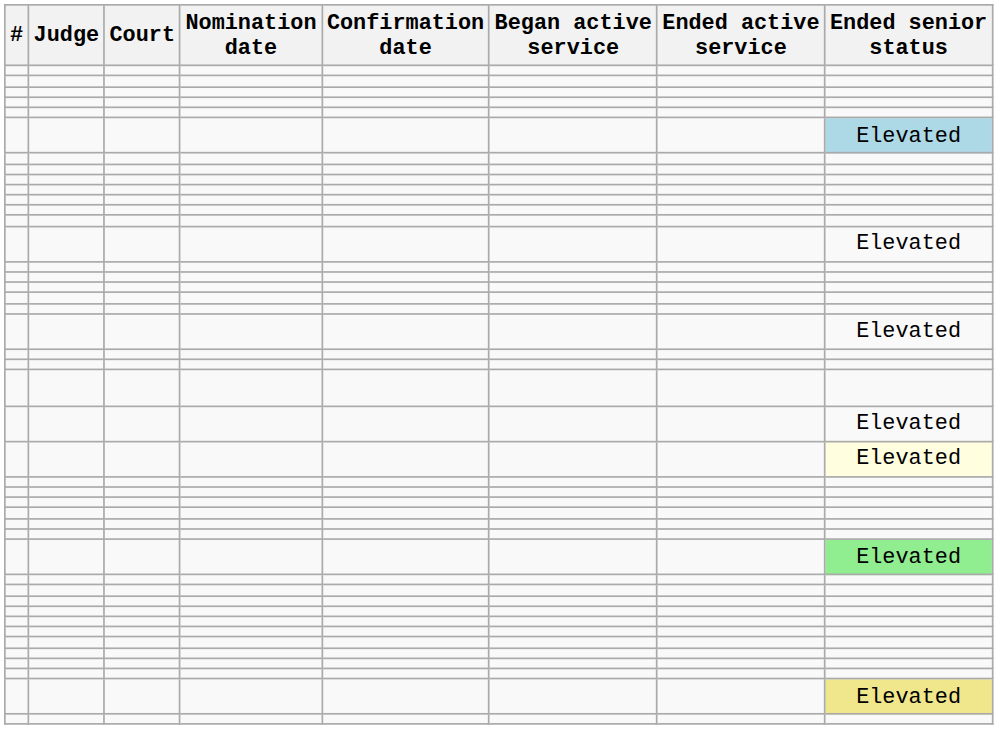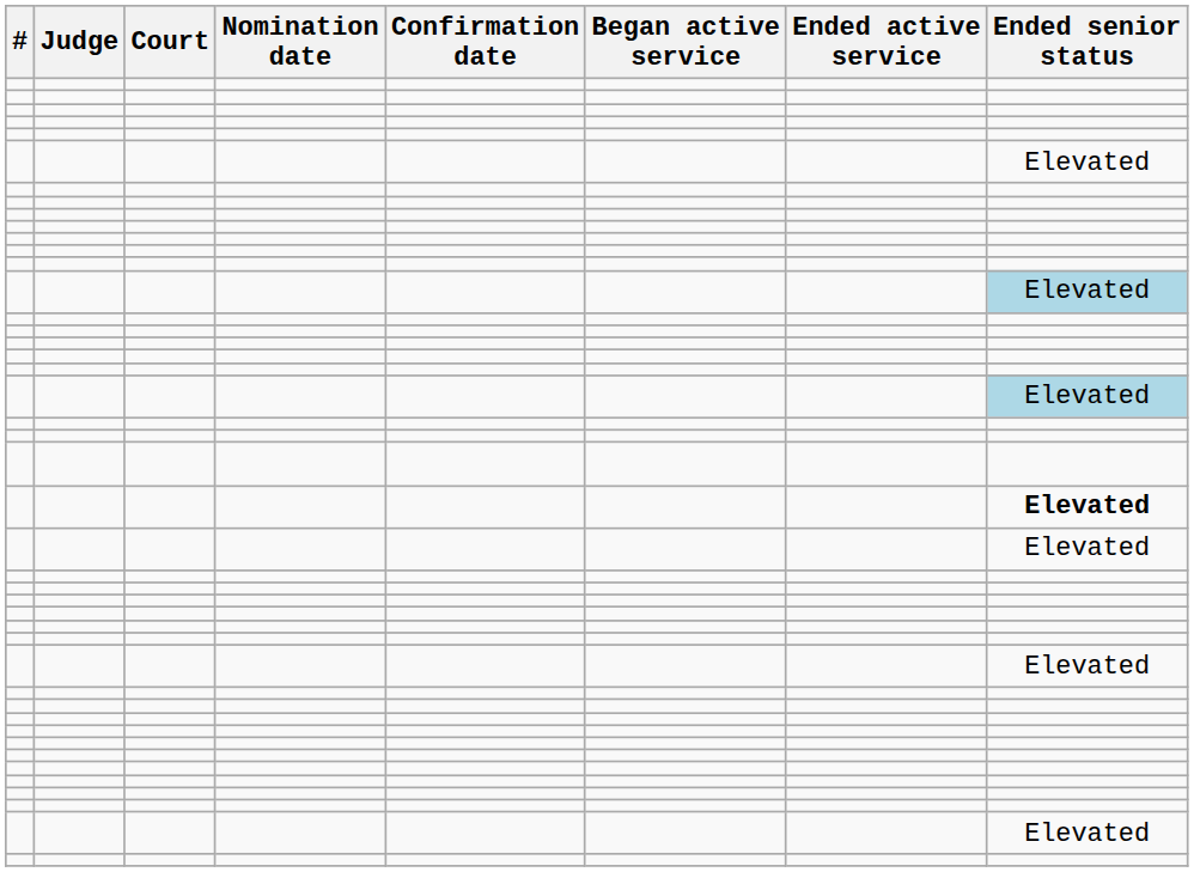 <table class="sortable wikitable">
 <tr bgcolor="#ececec">
 <th>#</th>
 <th>Judge</th>
 <th>Court<br></th>
 <th>Nomination<br>date</th>
 <th>Confirmation<br>date</th>
 <th>Began active<br>service</th>
 <th>Ended active<br>service</th>
 <th>Ended senior<br>status</th>
 </tr>
 <tr>
 <td></td>
 <td></td>
 <td></td>
 <td></td>
 <td></td>
 <td></td>
 <td></td>
 <td></td>
 </tr>
 <tr>
 <td></td>
 <td></td>
 <td></td>
 <td></td>
 <td></td>
 <td></td>
 <td></td>
 <td></td>
 </tr>
 <tr>
 <td></td>
 <td></td>
 <td></td>
 <td></td>
 <td></td>
 <td></td>
 <td></td>
 <td align="center"></td>
 </tr>
 <tr>
 <td></td>
 <td></td>
 <td></td>
 <td></td>
 <td></td>
 <td></td>
 <td></td>
 <td></td>
 </tr>
 <tr>
 <td></td>
 <td></td>
 <td></td>
 <td></td>
 <td></td>
 <td></td>
 <td></td>
 <td></td>
 </tr>
 <tr>
 <td></td>
 <td></td>
 <td></td>
 <td></td>
 <td></td>
 <td></td>
 <td></td>
-<td align="center" style="background: lightblue;">Elevated</td>
+<td align="center">Elevated</td>
 </tr>
 <tr>
 <td></td>
 <td></td>
 <td></td>
 <td></td>
 <td></td>
 <td></td>
 <td></td>
 <td></td>
 </tr>
 <tr>
 <td></td>
 <td></td>
 <td></td>
 <td></td>
 <td></td>
 <td></td>
 <td></td>
 <td align="center"></td>
 </tr>
 <tr>
 <td></td>
 <td></td>
 <td></td>
 <td></td>
 <td></td>
 <td></td>
 <td></td>
 <td align="center"></td>
 </tr>
 <tr>
 <td></td>
 <td></td>
 <td></td>
 <td></td>
 <td></td>
 <td></td>
 <td></td>
 <td></td>
 </tr>
 <tr>
 <td></td>
 <td></td>
 <td></td>
 <td></td>
 <td></td>
 <td></td>
 <td></td>
 <td></td>
 </tr>
 <tr>
 <td></td>
 <td></td>
 <td></td>
 <td></td>
 <td></td>
 <td></td>
 <td></td>
 <td align="center"></td>
 </tr>
 <tr>
 <td></td>
 <td></td>
 <td></td>
 <td></td>
 <td></td>
 <td></td>
 <td></td>
 <td></td>
 </tr>
 <tr>
 <td></td>
 <td></td>
 <td></td>
 <td></td>
 <td></td>
 <td></td>
 <td></td>
-<td align="center">Elevated</td>
+<td align="center" style="background: lightblue;">Elevated</td>
 </tr>
 <tr>
 <td></td>
 <td></td>
 <td></td>
 <td></td>
 <td></td>
 <td></td>
 <td></td>
 <td></td>
 </tr>
 <tr>
 <td></td>
 <td></td>
 <td></td>
 <td></td>
 <td></td>
 <td></td>
 <td></td>
 <td align="center"></td>
 </tr>
 <tr>
 <td></td>
 <td></td>
 <td></td>
 <td></td>
 <td></td>
 <td></td>
 <td></td>
 <td></td>
 </tr>
 <tr>
 <td></td>
 <td></td>
 <td></td>
 <td></td>
 <td></td>
 <td></td>
 <td></td>
 <td align="center"></td>
 </tr>
 <tr>
 <td></td>
 <td></td>
 <td></td>
 <td></td>
 <td></td>
 <td></td>
 <td></td>
 <td align="center"></td>
 </tr>
 <tr>
 <td></td>
 <td></td>
 <td></td>
 <td></td>
 <td></td>
 <td></td>
 <td></td>
-<td align="center">Elevated</td>
+<td align="center" style="background: lightblue;">Elevated</td>
 </tr>
 <tr>
 <td></td>
 <td></td>
 <td></td>
 <td></td>
 <td></td>
 <td></td>
 <td></td>
 <td></td>
 </tr>
 <tr>
 <td></td>
 <td></td>
 <td></td>
 <td></td>
 <td></td>
 <td></td>
 <td></td>
 <td></td>
 </tr>
 <tr>
 <td></td>
 <td></td>
 <td></td>
 <td></td>
 <td></td>
 <td></td>
 <td><br></td>
 <td align="center"><br></td>
 </tr>
 <tr>
 <td></td>
 <td></td>
 <td></td>
 <td></td>
 <td></td>
 <td></td>
 <td></td>
-<td align="center">Elevated</td>
+<td align="center"><strong>Elevated</strong></td>
 </tr>
 <tr>
 <td></td>
 <td></td>
 <td></td>
 <td></td>
 <td></td>
 <td></td>
 <td></td>
-<td align="center" style="background: lightyellow;">Elevated</td>
+<td align="center">Elevated</td>
 </tr>
 <tr>
 <td></td>
 <td></td>
 <td></td>
 <td></td>
 <td></td>
 <td></td>
 <td></td>
 <td></td>
 </tr>
 <tr>
 <td></td>
 <td></td>
 <td></td>
 <td></td>
 <td></td>
 <td></td>
 <td></td>
 <td align="center"></td>
 </tr>
 <tr>
 <td></td>
 <td></td>
 <td></td>
 <td></td>
 <td></td>
 <td></td>
 <td></td>
 <td></td>
 </tr>
 <tr>
 <td></td>
 <td></td>
 <td></td>
 <td></td>
 <td></td>
 <td></td>
 <td></td>
 <td align="center"></td>
 </tr>
 <tr>
 <td></td>
 <td></td>
 <td></td>
 <td></td>
 <td></td>
 <td></td>
 <td></td>
 <td align="center"></td>
 </tr>
 <tr>
 <td></td>
 <td></td>
 <td></td>
 <td></td>
 <td></td>
 <td></td>
 <td></td>
 <td></td>
 </tr>
 <tr>
 <td></td>
 <td></td>
 <td></td>
 <td></td>
 <td></td>
 <td></td>
 <td></td>
-<td align="center" style="background: lightgreen;">Elevated</td>
+<td align="center">Elevated</td>
 </tr>
 <tr>
 <td></td>
 <td></td>
 <td></td>
 <td></td>
 <td></td>
 <td></td>
 <td></td>
 <td align="center"></td>
 </tr>
 <tr>
 <td></td>
 <td></td>
 <td></td>
 <td></td>
 <td></td>
 <td></td>
 <td></td>
 <td></td>
 </tr>
 <tr>
 <td></td>
 <td></td>
 <td></td>
 <td></td>
 <td></td>
 <td></td>
 <td></td>
 <td></td>
 </tr>
 <tr>
 <td></td>
 <td></td>
 <td></td>
 <td></td>
 <td></td>
 <td></td>
 <td></td>
 <td></td>
 </tr>
 <tr>
 <td></td>
 <td></td>
 <td></td>
 <td></td>
 <td></td>
 <td></td>
 <td></td>
 <td></td>
 </tr>
 <tr>
 <td></td>
 <td></td>
 <td></td>
 <td></td>
 <td></td>
 <td></td>
 <td></td>
 <td align="center"></td>
 </tr>
 <tr>
 <td></td>
 <td></td>
 <td></td>
 <td></td>
 <td></td>
 <td></td>
 <td></td>
 <td></td>
 </tr>
 <tr>
 <td></td>
 <td></td>
 <td></td>
 <td></td>
 <td></td>
 <td></td>
 <td></td>
 <td align="center"></td>
 </tr>
 <tr>
 <td></td>
 <td></td>
 <td></td>
 <td></td>
 <td></td>
 <td></td>
 <td></td>
 <td></td>
 </tr>
 <tr>
 <td></td>
 <td></td>
 <td></td>
 <td></td>
 <td></td>
 <td></td>
 <td></td>
 <td></td>
 </tr>
 <tr>
 <td></td>
 <td></td>
 <td></td>
 <td></td>
 <td></td>
 <td></td>
 <td></td>
-<td align="center" style="background: khaki;">Elevated</td>
+<td align="center">Elevated</td>
 </tr>
 <tr>
 <td></td>
 <td></td>
 <td></td>
 <td></td>
 <td align="center"></td>
 <td></td>
 <td></td>
 <td align="center"></td>
 </tr>
 </table>
